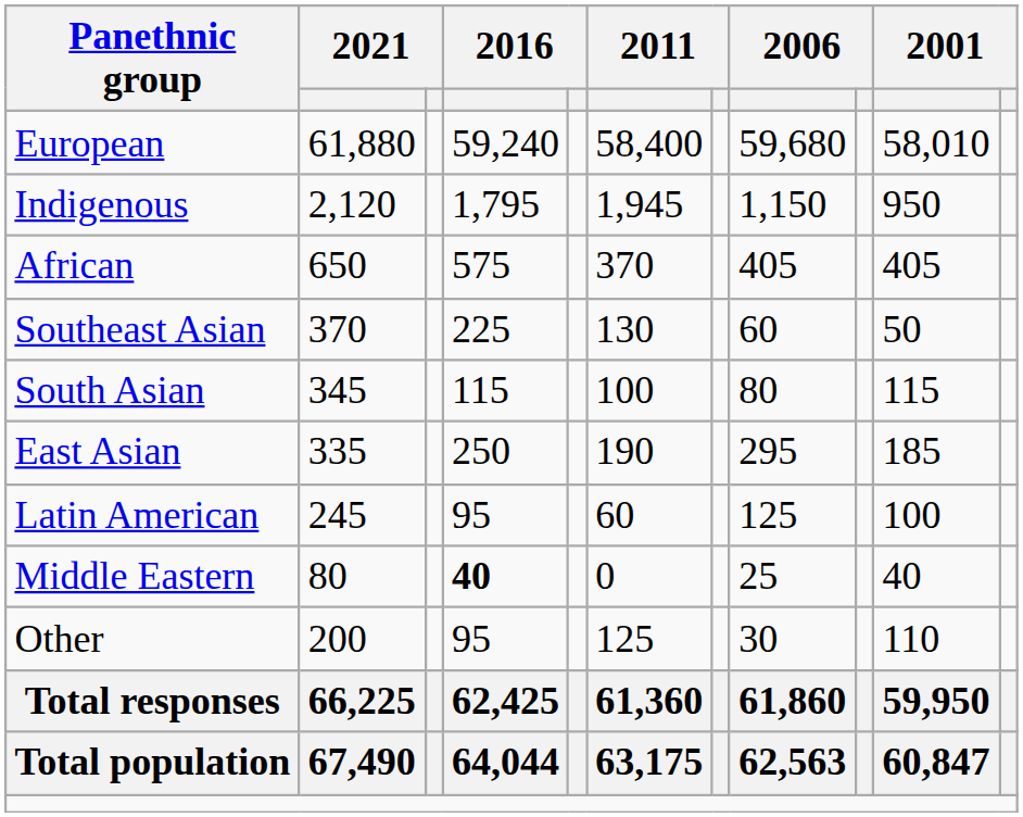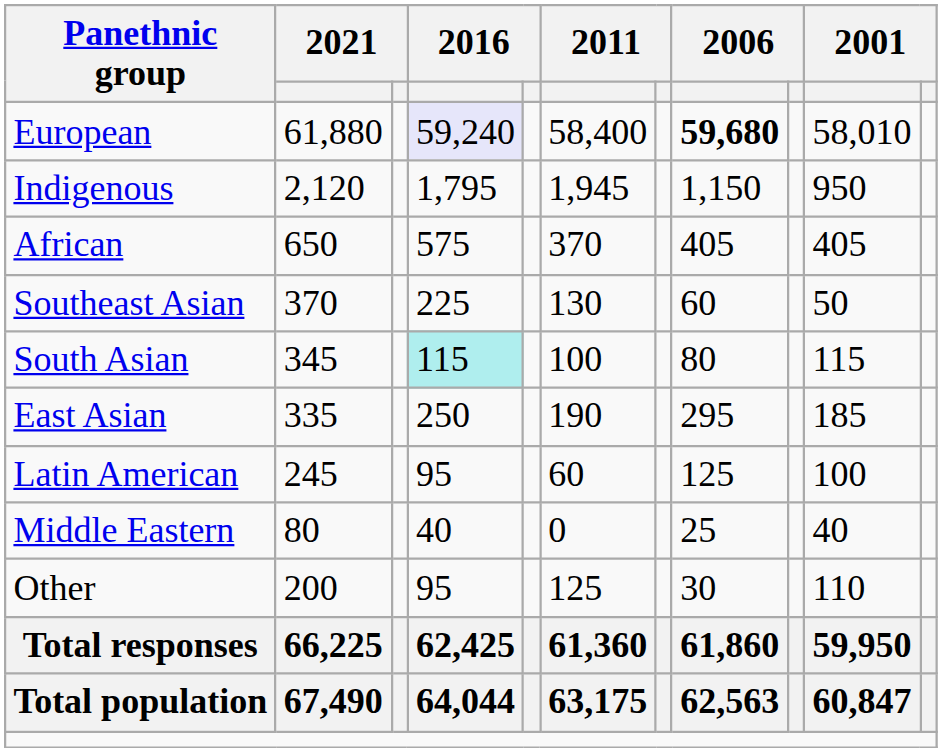 <table class="wikitable collapsible sortable">
 <tr>
 <th rowspan="2"><a href='#'>Panethnic</a><br>group</th>
 <th colspan="2">2021</th>
 <th colspan="2">2016</th>
 <th colspan="2">2011</th>
 <th colspan="2">2006</th>
 <th colspan="2">2001</th>
 </tr>
 <tr>
 <th><a href='#'></a></th>
 <th></th>
 <th></th>
 <th></th>
 <th></th>
 <th></th>
 <th></th>
 <th></th>
 <th></th>
 <th></th>
 </tr>
 <tr>
 <td><a href='#'>European</a></td>
 <td>61,880</td>
 <td></td>
-<td>59,240</td>
+<td style="background: lavender;">59,240</td>
 <td></td>
 <td>58,400</td>
 <td></td>
-<td>59,680</td>
+<td><strong>59,680</strong></td>
 <td></td>
 <td>58,010</td>
 <td></td>
 </tr>
 <tr>
 <td><a href='#'>Indigenous</a></td>
 <td>2,120</td>
 <td></td>
 <td>1,795</td>
 <td></td>
 <td>1,945</td>
 <td></td>
 <td>1,150</td>
 <td></td>
 <td>950</td>
 <td></td>
 </tr>
 <tr>
 <td><a href='#'>African</a></td>
 <td>650</td>
 <td></td>
 <td>575</td>
 <td></td>
 <td>370</td>
 <td></td>
 <td>405</td>
 <td></td>
 <td>405</td>
 <td></td>
 </tr>
 <tr>
 <td><a href='#'>Southeast Asian</a></td>
 <td>370</td>
 <td></td>
 <td>225</td>
 <td></td>
 <td>130</td>
 <td></td>
 <td>60</td>
 <td></td>
 <td>50</td>
 <td></td>
 </tr>
 <tr>
 <td><a href='#'>South Asian</a></td>
 <td>345</td>
 <td></td>
-<td>115</td>
+<td style="background: paleturquoise;">115</td>
 <td></td>
 <td>100</td>
 <td></td>
 <td>80</td>
 <td></td>
 <td>115</td>
 <td></td>
 </tr>
 <tr>
 <td><a href='#'>East Asian</a></td>
 <td>335</td>
 <td></td>
 <td>250</td>
 <td></td>
 <td>190</td>
 <td></td>
 <td>295</td>
 <td></td>
 <td>185</td>
 <td></td>
 </tr>
 <tr>
 <td><a href='#'>Latin American</a></td>
 <td>245</td>
 <td></td>
 <td>95</td>
 <td></td>
 <td>60</td>
 <td></td>
 <td>125</td>
 <td></td>
 <td>100</td>
 <td></td>
 </tr>
 <tr>
 <td><a href='#'>Middle Eastern</a></td>
 <td>80</td>
 <td></td>
-<td><strong>40</strong></td>
+<td>40</td>
 <td></td>
 <td>0</td>
 <td></td>
 <td>25</td>
 <td></td>
 <td>40</td>
 <td></td>
 </tr>
 <tr>
 <td>Other</td>
 <td>200</td>
 <td></td>
 <td>95</td>
 <td></td>
 <td>125</td>
 <td></td>
 <td>30</td>
 <td></td>
 <td>110</td>
 <td></td>
 </tr>
 <tr>
 <th>Total responses</th>
 <th>66,225</th>
 <th></th>
 <th>62,425</th>
 <th></th>
 <th>61,360</th>
 <th></th>
 <th>61,860</th>
 <th></th>
 <th>59,950</th>
 <th></th>
 </tr>
 <tr>
 <th>Total population</th>
 <th>67,490</th>
 <th></th>
 <th>64,044</th>
 <th></th>
 <th>63,175</th>
 <th></th>
 <th>62,563</th>
 <th></th>
 <th>60,847</th>
 <th></th>
 </tr>
 <tr class="sortbottom">
 <td colspan="15"></td>
 </tr>
 </table>
